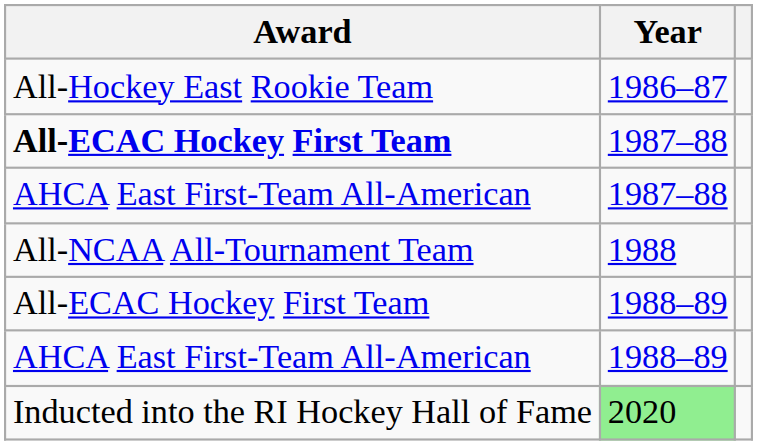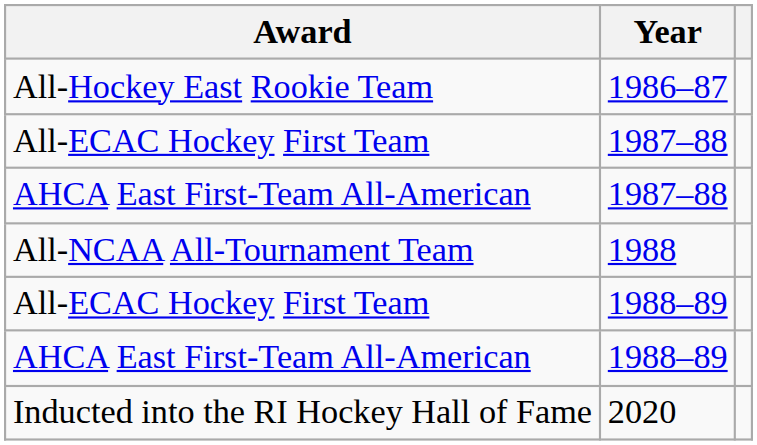 <table class="wikitable">
 <tr>
 <th>Award</th>
 <th>Year</th>
 <th></th>
 </tr>
 <tr>
 <td>All-<a href='#'>Hockey East</a> <a href='#'>Rookie Team</a></td>
 <td><a href='#'>1986–87</a></td>
 <td></td>
 </tr>
 <tr>
-<td><strong>All-<a href='#'>ECAC Hockey</a> <a href='#'>First Team</a></strong></td>
+<td>All-<a href='#'>ECAC Hockey</a> <a href='#'>First Team</a></td>
 <td><a href='#'>1987–88</a></td>
 <td></td>
 </tr>
 <tr>
 <td><a href='#'>AHCA</a> <a href='#'>East First-Team All-American</a></td>
 <td><a href='#'>1987–88</a></td>
 <td></td>
 </tr>
 <tr>
 <td>All-<a href='#'>NCAA</a> <a href='#'>All-Tournament Team</a></td>
 <td><a href='#'>1988</a></td>
 <td></td>
 </tr>
 <tr>
 <td>All-<a href='#'>ECAC Hockey</a> <a href='#'>First Team</a></td>
 <td><a href='#'>1988–89</a></td>
 <td></td>
 </tr>
 <tr>
 <td><a href='#'>AHCA</a> <a href='#'>East First-Team All-American</a></td>
 <td><a href='#'>1988–89</a></td>
 <td></td>
 </tr>
 <tr>
 <td>Inducted into the RI Hockey Hall of Fame</td>
-<td style="background: lightgreen;">2020</td>
+<td>2020</td>
 </tr>
 </table>
